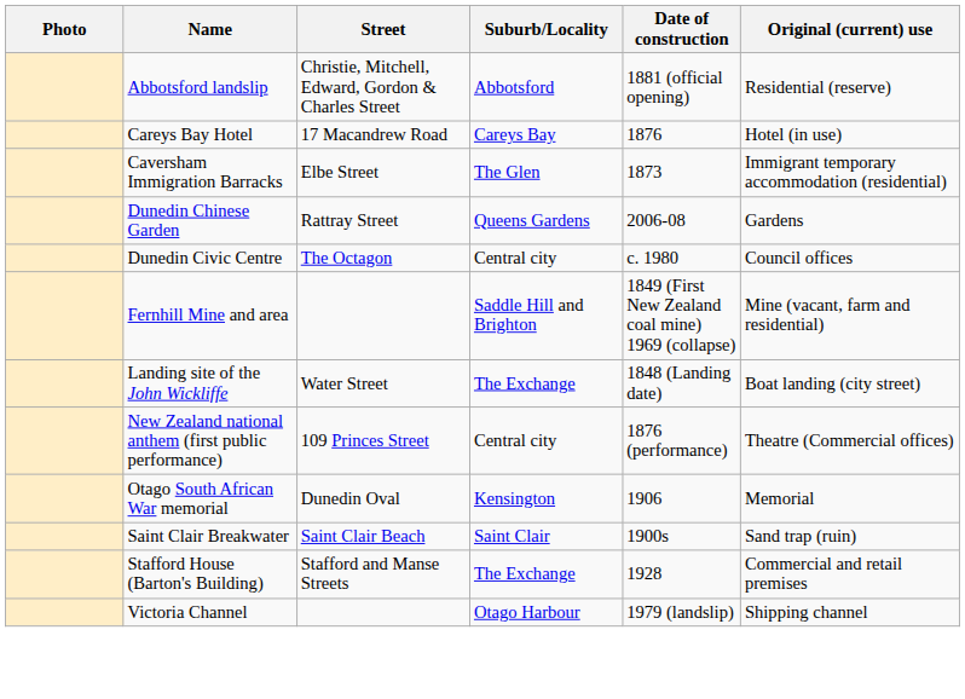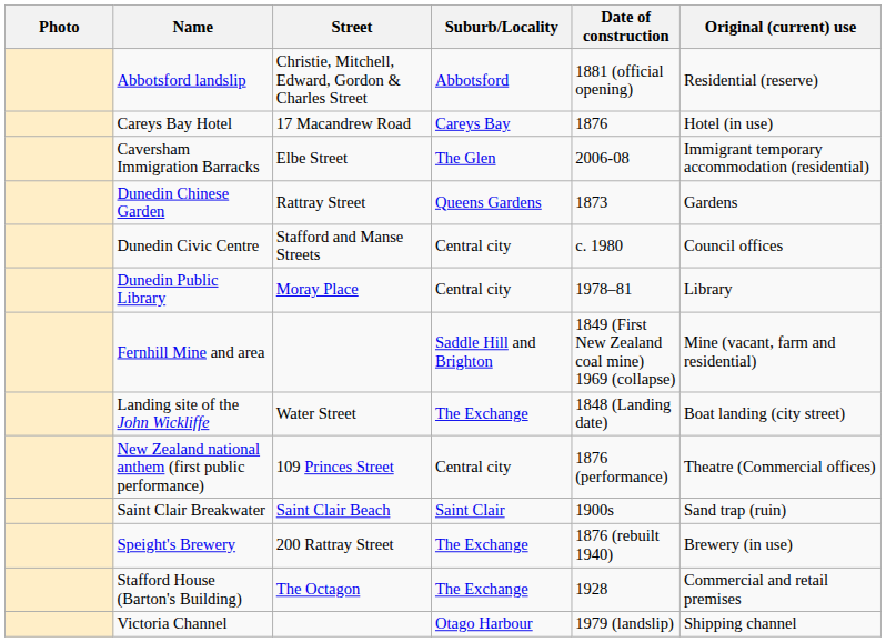 <table class="wikitable sortable">
 <tr>
 <th scope="col" style="width: 100px;">Photo</th>
 <th scope="col" style="width: 150px;">Name</th>
 <th scope="col" style="width: 150px;">Street</th>
 <th>Suburb/Locality</th>
 <th scope="col" style="width: 100px;">Date of construction</th>
 <th>Original (current) use</th>
 </tr>
 <tr>
 <td style="background:#FFEEC7"></td>
 <td><a href='#'>Abbotsford landslip</a></td>
 <td>Christie, Mitchell, Edward,  Gordon & Charles Street</td>
 <td><a href='#'>Abbotsford</a></td>
 <td>1881 (official opening)</td>
 <td>Residential (reserve)</td>
 </tr>
 <tr>
 <td style="background:#FFEEC7"></td>
 <td>Careys Bay Hotel</td>
 <td>17 Macandrew Road</td>
 <td><a href='#'>Careys Bay</a></td>
 <td>1876</td>
 <td>Hotel (in use)</td>
 </tr>
 <tr>
 <td style="background:#FFEEC7"></td>
 <td>Caversham Immigration Barracks</td>
 <td>Elbe Street</td>
 <td><a href='#'>The Glen</a></td>
-<td>1873</td>
+<td>2006-08</td>
 <td>Immigrant temporary accommodation (residential)</td>
 </tr>
 <tr>
 <td style="background:#FFEEC7"></td>
 <td><a href='#'>Dunedin Chinese Garden</a></td>
 <td>Rattray Street</td>
 <td><a href='#'>Queens Gardens</a></td>
-<td>2006-08</td>
+<td>1873</td>
 <td>Gardens</td>
 </tr>
 <tr>
 <td style="background:#FFEEC7"></td>
 <td>Dunedin Civic Centre</td>
-<td><a href='#'>The Octagon</a></td>
+<td>Stafford and Manse Streets</td>
 <td>Central city</td>
 <td>c. 1980</td>
 <td>Council offices</td>
+</tr>
+<tr>
+<td style="background:#FFEEC7"></td>
+<td><a href='#'>Dunedin Public Library</a></td>
+<td><a href='#'>Moray Place</a></td>
+<td>Central city</td>
+<td>1978–81</td>
+<td>Library</td>
 </tr>
 <tr>
 <td style="background:#FFEEC7"></td>
 <td><a href='#'>Fernhill Mine</a> and area</td>
 <td></td>
 <td><a href='#'>Saddle Hill</a> and <a href='#'>Brighton</a></td>
 <td>1849 (First New Zealand coal mine) 1969 (collapse)</td>
 <td>Mine (vacant, farm and residential)</td>
 </tr>
 <tr>
 <td style="background:#FFEEC7"></td>
 <td>Landing site of the <a href='#'><em>John Wickliffe</em></a></td>
 <td>Water Street</td>
 <td><a href='#'>The Exchange</a></td>
 <td>1848 (Landing date)</td>
 <td>Boat landing (city street)</td>
 </tr>
 <tr>
 <td style="background:#FFEEC7"></td>
 <td><a href='#'>New Zealand national anthem</a> (first public performance)</td>
 <td>109 <a href='#'>Princes Street</a></td>
 <td>Central city</td>
 <td>1876 (performance)</td>
 <td>Theatre (Commercial offices)</td>
 </tr>
 <tr>
 <td style="background:#FFEEC7"></td>
-<td>Otago <a href='#'>South African War</a> memorial</td>
-<td>Dunedin Oval</td>
-<td><a href='#'>Kensington</a></td>
-<td>1906</td>
-<td>Memorial</td>
-</tr>
-<tr>
-<td style="background:#FFEEC7"></td>
 <td>Saint Clair Breakwater</td>
 <td><a href='#'>Saint Clair Beach</a></td>
 <td><a href='#'>Saint Clair</a></td>
 <td>1900s</td>
 <td>Sand trap (ruin)</td>
 </tr>
 <tr>
 <td style="background:#FFEEC7"></td>
+<td><a href='#'>Speight's Brewery</a></td>
+<td>200 Rattray Street</td>
+<td><a href='#'>The Exchange</a></td>
+<td>1876 (rebuilt 1940)</td>
+<td>Brewery (in use)</td>
+</tr>
+<tr>
+<td style="background:#FFEEC7"></td>
 <td>Stafford House (Barton's Building)</td>
-<td>Stafford and Manse Streets</td>
+<td><a href='#'>The Octagon</a></td>
 <td><a href='#'>The Exchange</a></td>
 <td>1928</td>
 <td>Commercial and retail premises</td>
 </tr>
 <tr>
 <td style="background:#FFEEC7"></td>
 <td>Victoria Channel</td>
 <td></td>
 <td><a href='#'>Otago Harbour</a></td>
 <td>1979 (landslip)</td>
 <td>Shipping channel</td>
 </tr>
 </table>
